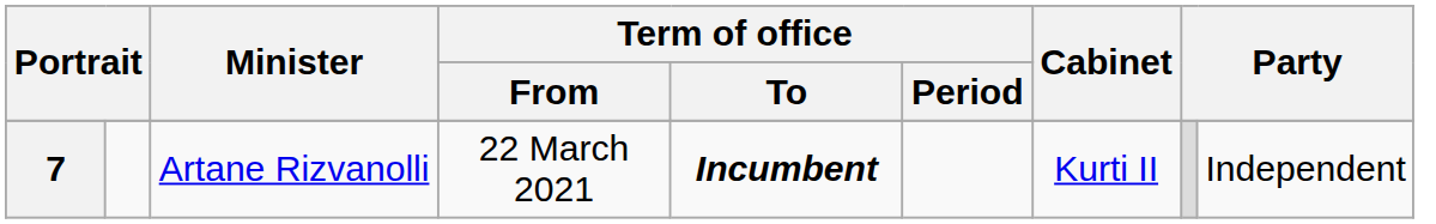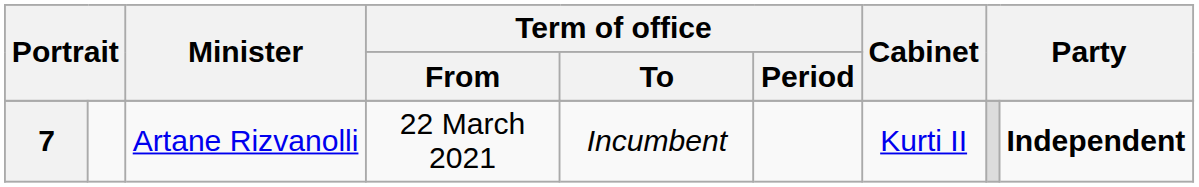 <table class="wikitable" style="text-align:center">
 <tr>
 <th rowspan="2" colspan="2">Portrait</th>
 <th rowspan="2">Minister</th>
 <th colspan="3">Term of office</th>
 <th rowspan="2" colspan="1">Cabinet</th>
 <th rowspan="2" colspan="2">Party</th>
 </tr>
 <tr>
 <th style="width:6em">From</th>
 <th style="width:6em">To</th>
 <th>Period</th>
 </tr>
 <tr>
 </tr>
 <tr>
 <th rowspan="1">7</th>
 <td></td>
 <td><a href='#'>Artane Rizvanolli</a></td>
 <td>22 March 2021</td>
-<td><strong><em>Incumbent</em></strong></td>
+<td><em>Incumbent</em></td>
 <td></td>
 <td><a href='#'>Kurti II</a></td>
 <td style="background-color:#DCDCDC"></td>
-<td>Independent</td>
+<td><strong>Independent</strong></td>
 </tr>
 </table>
